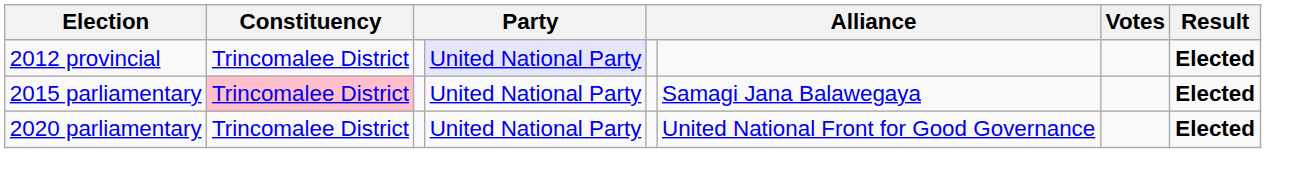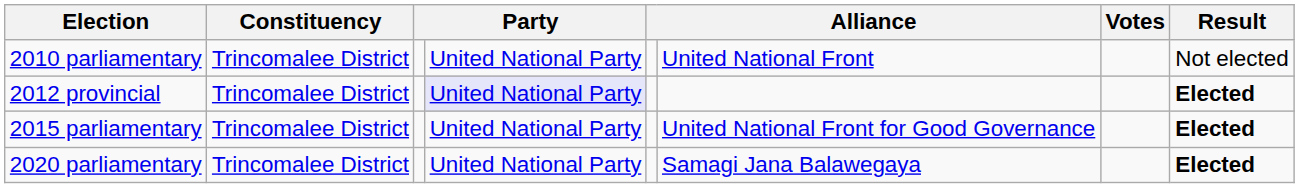 <table class="wikitable" style="text-align:left;">
 <tr>
 <th scope=col>Election</th>
 <th scope=col>Constituency</th>
 <th scope=col colspan="2">Party</th>
 <th scope=col colspan="2">Alliance</th>
 <th scope=col>Votes</th>
 <th scope=col>Result</th>
+</tr>
+<tr>
+<td><a href='#'>2010 parliamentary</a></td>
+<td><a href='#'>Trincomalee District</a></td>
+<td style="background:"></td>
+<td><a href='#'>United National Party</a></td>
+<td style="background:"></td>
+<td><a href='#'>United National Front</a></td>
+<td align=right></td>
+<td>Not elected</td>
 </tr>
 <tr>
 <td><a href='#'>2012 provincial</a></td>
 <td><a href='#'>Trincomalee District</a></td>
 <td style="background:"></td>
 <td style="background: lavender;"><a href='#'>United National Party</a></td>
 <td></td>
 <td></td>
 <td align=right></td>
 <td><strong>Elected</strong></td>
 </tr>
 <tr>
 <td><a href='#'>2015 parliamentary</a></td>
-<td style="background: pink;"><a href='#'>Trincomalee District</a></td>
+<td><a href='#'>Trincomalee District</a></td>
 <td style="background:"></td>
 <td><a href='#'>United National Party</a></td>
 <td style="background:"></td>
-<td><a href='#'>Samagi Jana Balawegaya</a></td>
+<td><a href='#'>United National Front for Good Governance</a></td>
 <td align=right></td>
 <td><strong>Elected</strong></td>
 </tr>
 <tr>
 <td><a href='#'>2020 parliamentary</a></td>
 <td><a href='#'>Trincomalee District</a></td>
 <td style="background:"></td>
 <td><a href='#'>United National Party</a></td>
 <td style="background:"></td>
-<td><a href='#'>United National Front for Good Governance</a></td>
+<td><a href='#'>Samagi Jana Balawegaya</a></td>
 <td align=right></td>
 <td><strong>Elected</strong></td>
 </tr>
 </table>
